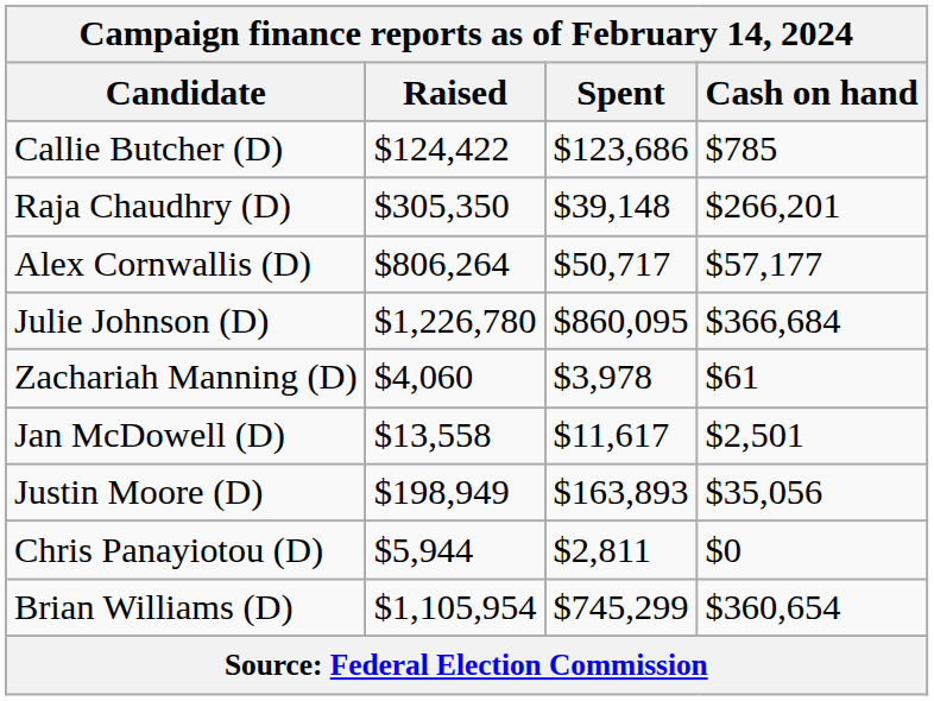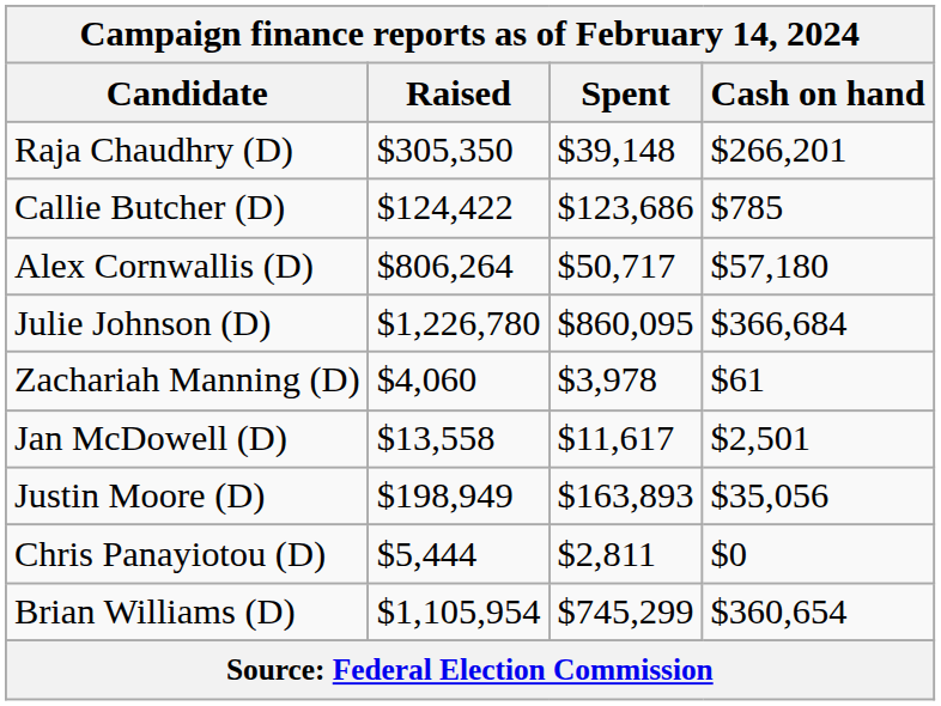 <table class="wikitable sortable">
 <tr>
 <th colspan=4>Campaign finance reports as of February 14, 2024</th>
 </tr>
 <tr style="text-align:center;">
 <th>Candidate</th>
 <th>Raised</th>
 <th>Spent</th>
 <th>Cash on hand</th>
 </tr>
 <tr>
+<td style="color:black;background-color:">Raja Chaudhry (D)</td>
+<td>$305,350</td>
+<td>$39,148</td>
+<td>$266,201</td>
+</tr>
+<tr>
 <td style="color:black;background-color:">Callie Butcher (D)</td>
 <td>$124,422</td>
 <td>$123,686</td>
 <td>$785</td>
 </tr>
 <tr>
-<td style="color:black;background-color:">Raja Chaudhry (D)</td>
-<td>$305,350</td>
-<td>$39,148</td>
-<td>$266,201</td>
-</tr>
-<tr>
 <td style="color:black;background-color:">Alex Cornwallis (D)</td>
 <td>$806,264</td>
 <td>$50,717</td>
-<td>$57,177</td>
+<td>$57,180</td>
 </tr>
 <tr>
 <td style="color:black;background-color:">Julie Johnson (D)</td>
 <td>$1,226,780</td>
 <td>$860,095</td>
 <td>$366,684</td>
 </tr>
 <tr>
 <td style="color:black;background-color:">Zachariah Manning (D)</td>
 <td>$4,060</td>
 <td>$3,978</td>
 <td>$61</td>
 </tr>
 <tr>
 <td style="color:black;background-color:">Jan McDowell (D)</td>
 <td>$13,558</td>
 <td>$11,617</td>
 <td>$2,501</td>
 </tr>
 <tr>
 <td style="color:black;background-color:">Justin Moore (D)</td>
 <td>$198,949</td>
 <td>$163,893</td>
 <td>$35,056</td>
 </tr>
 <tr>
 <td style="color:black;background-color:">Chris Panayiotou (D)</td>
-<td>$5,944</td>
+<td>$5,444</td>
 <td>$2,811</td>
 <td>$0</td>
 </tr>
 <tr>
 <td style="color:black;background-color:">Brian Williams (D)</td>
 <td>$1,105,954</td>
 <td>$745,299</td>
 <td>$360,654</td>
 </tr>
 <tr>
 <th colspan="4"><small>Source: <a href='#'>Federal Election Commission</a></small></th>
 </tr>
 </table>
